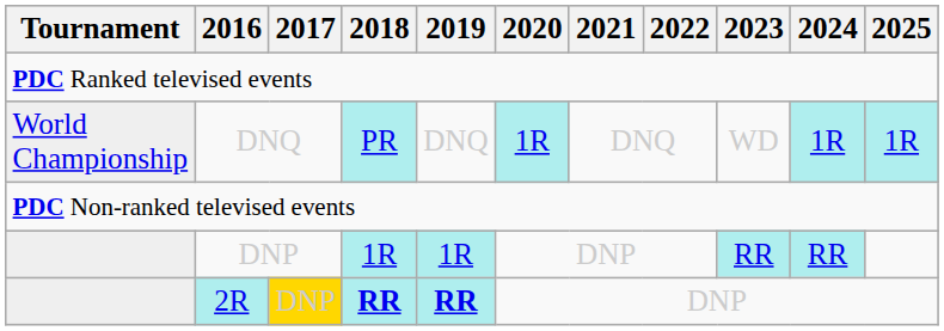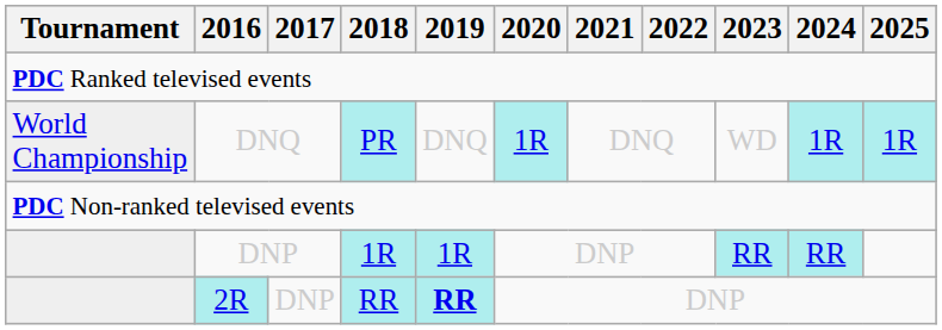 <table class="wikitable" style="width:20%; margin:0">
 <tr>
 <th>Tournament</th>
 <th>2016</th>
 <th>2017</th>
 <th>2018</th>
 <th>2019</th>
 <th>2020</th>
 <th>2021</th>
 <th>2022</th>
 <th>2023</th>
 <th>2024</th>
 <th>2025</th>
 </tr>
 <tr>
 <td colspan="11" style="text-align:left"><small><strong><a href='#'>PDC</a> </strong>Ranked televised events</small></td>
 </tr>
 <tr>
 <td style="background:#efefef;"><a href='#'>World Championship</a></td>
 <td colspan="2" style="text-align:center; color:#ccc;">DNQ</td>
 <td style="text-align:center; background:#afeeee;"><a href='#'>PR</a></td>
 <td style="text-align:center; color:#ccc;">DNQ</td>
 <td style="text-align:center; background:#afeeee;"><a href='#'>1R</a></td>
 <td colspan="2" style="text-align:center; color:#ccc;">DNQ</td>
 <td colspan="1" style="text-align:center; color:#ccc;">WD</td>
 <td style="text-align:center; background:#afeeee;"><a href='#'>1R</a></td>
 <td style="text-align:center; background:#afeeee;"><a href='#'>1R</a></td>
 </tr>
 <tr>
 <td colspan="11" style="text-align:left"><small><strong><a href='#'>PDC</a> </strong>Non-ranked televised events</small></td>
 </tr>
 <tr>
 <td style="background:#efefef;"></td>
 <td colspan="2" style="text-align:center; color:#ccc;">DNP</td>
 <td style="text-align:center; background:#afeeee;"><a href='#'>1R</a></td>
 <td style="text-align:center; background:#afeeee;"><a href='#'>1R</a></td>
 <td colspan="3" style="text-align:center; color:#ccc;">DNP</td>
 <td style="text-align:center; background:#afeeee;"><a href='#'>RR</a></td>
 <td style="text-align:center; background:#afeeee;"><a href='#'>RR</a></td>
 <td></td>
 </tr>
 <tr>
 <td style="background:#efefef;"></td>
 <td style="text-align:center; background:#afeeee;"><a href='#'>2R</a></td>
-<td style="background: gold; text-align:center; color:#ccc;">DNP</td>
-<td style="text-align:center; background:#afeeee;"><strong><a href='#'>RR</a></strong></td>
+<td style="text-align:center; color:#ccc;">DNP</td>
+<td style="text-align:center; background:#afeeee;"><a href='#'>RR</a></td>
 <td style="text-align:center; background:#afeeee;"><strong><a href='#'>RR</a></strong></td>
 <td colspan="6" style="text-align:center; color:#ccc;">DNP</td>
 </tr>
 </table>
